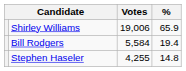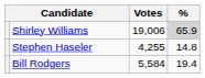 <table class="wikitable">
 <tr>
 <th colspan="2" style="width: 170px">Candidate</th>
 <th style="width: 50px">Votes</th>
 <th style="width: 40px">%</th>
 </tr>
 <tr>
 <th style="background-color: "></th>
 <td style="width: 170px"><a href='#'>Shirley Williams</a> </td>
 <td align="right">19,006</td>
-<td align="right">65.9</td>
+<td align="right" style="background: lightgrey;">65.9</td>
+</tr>
+<tr>
+<th style="background-color: "></th>
+<td style="width: 170px"><a href='#'>Stephen Haseler</a></td>
+<td align="right">4,255</td>
+<td align="right">14.8</td>
 </tr>
 <tr>
 <th style="background-color: "></th>
 <td style="width: 170px"><a href='#'>Bill Rodgers</a></td>
 <td align="right">5,584</td>
 <td align="right">19.4</td>
 </tr>
-<tr>
-<th style="background-color: "></th>
-<td style="width: 170px"><a href='#'>Stephen Haseler</a></td>
-<td align="right">4,255</td>
-<td align="right">14.8</td>
-</tr>
 </table>
